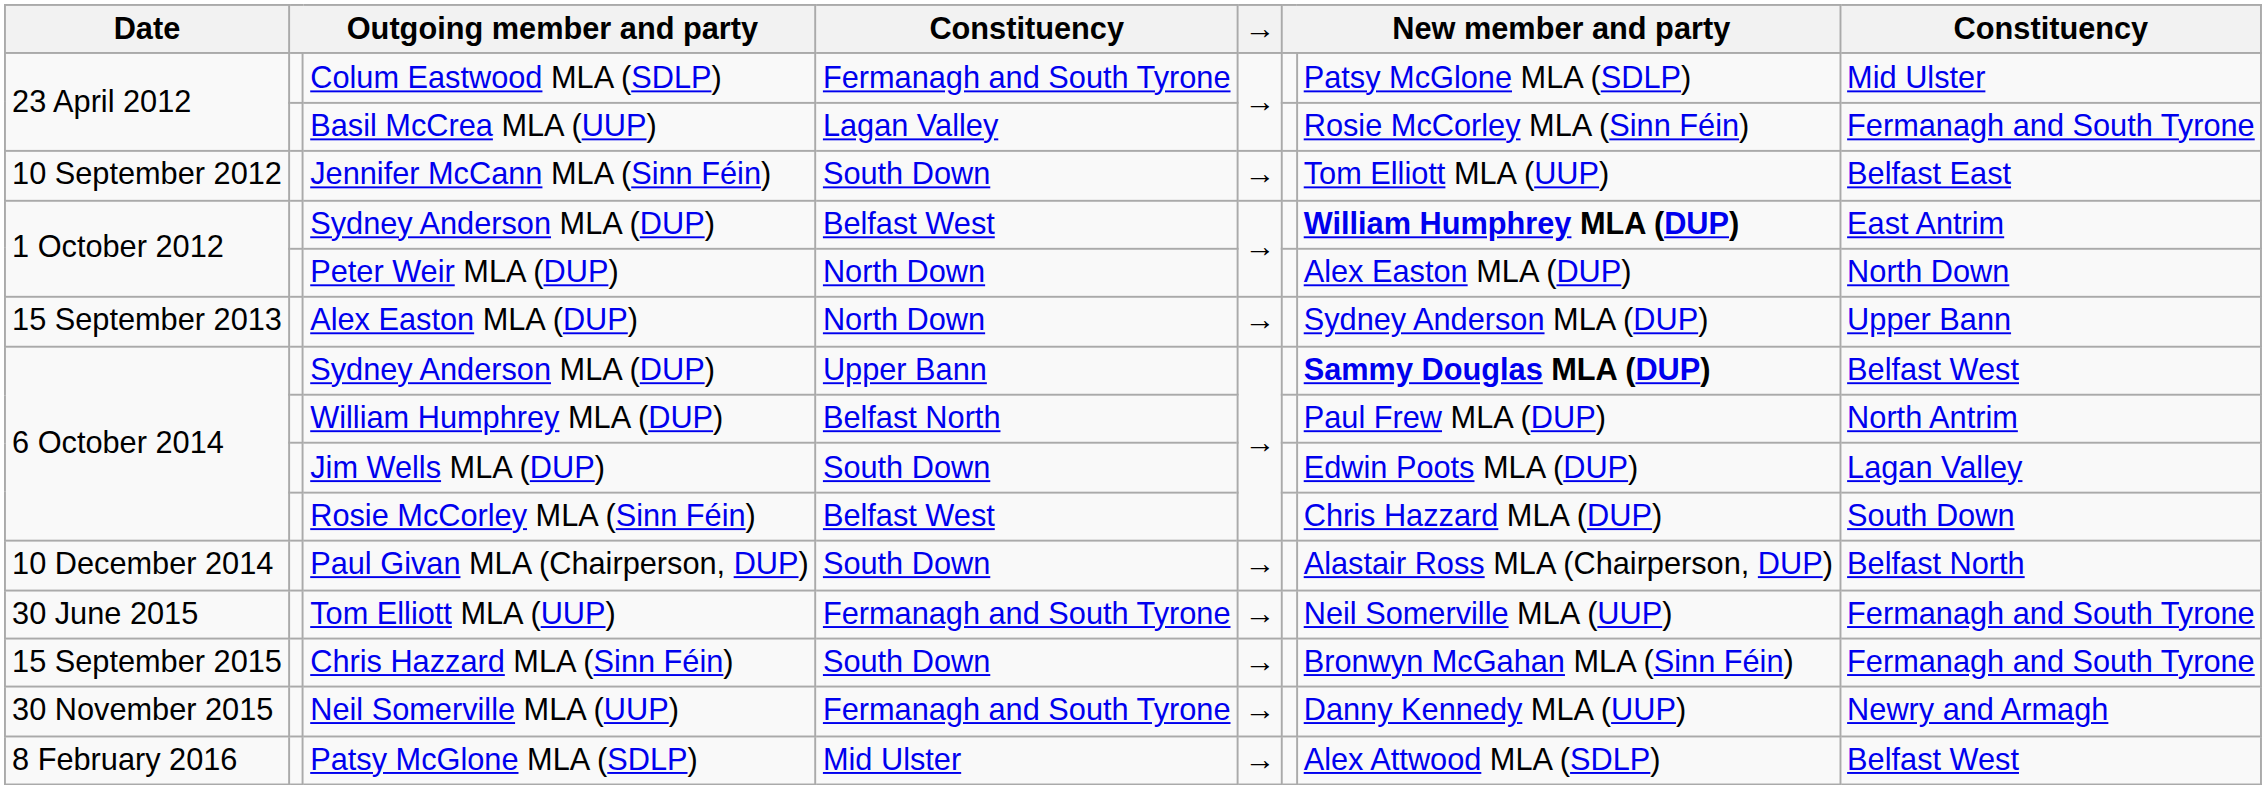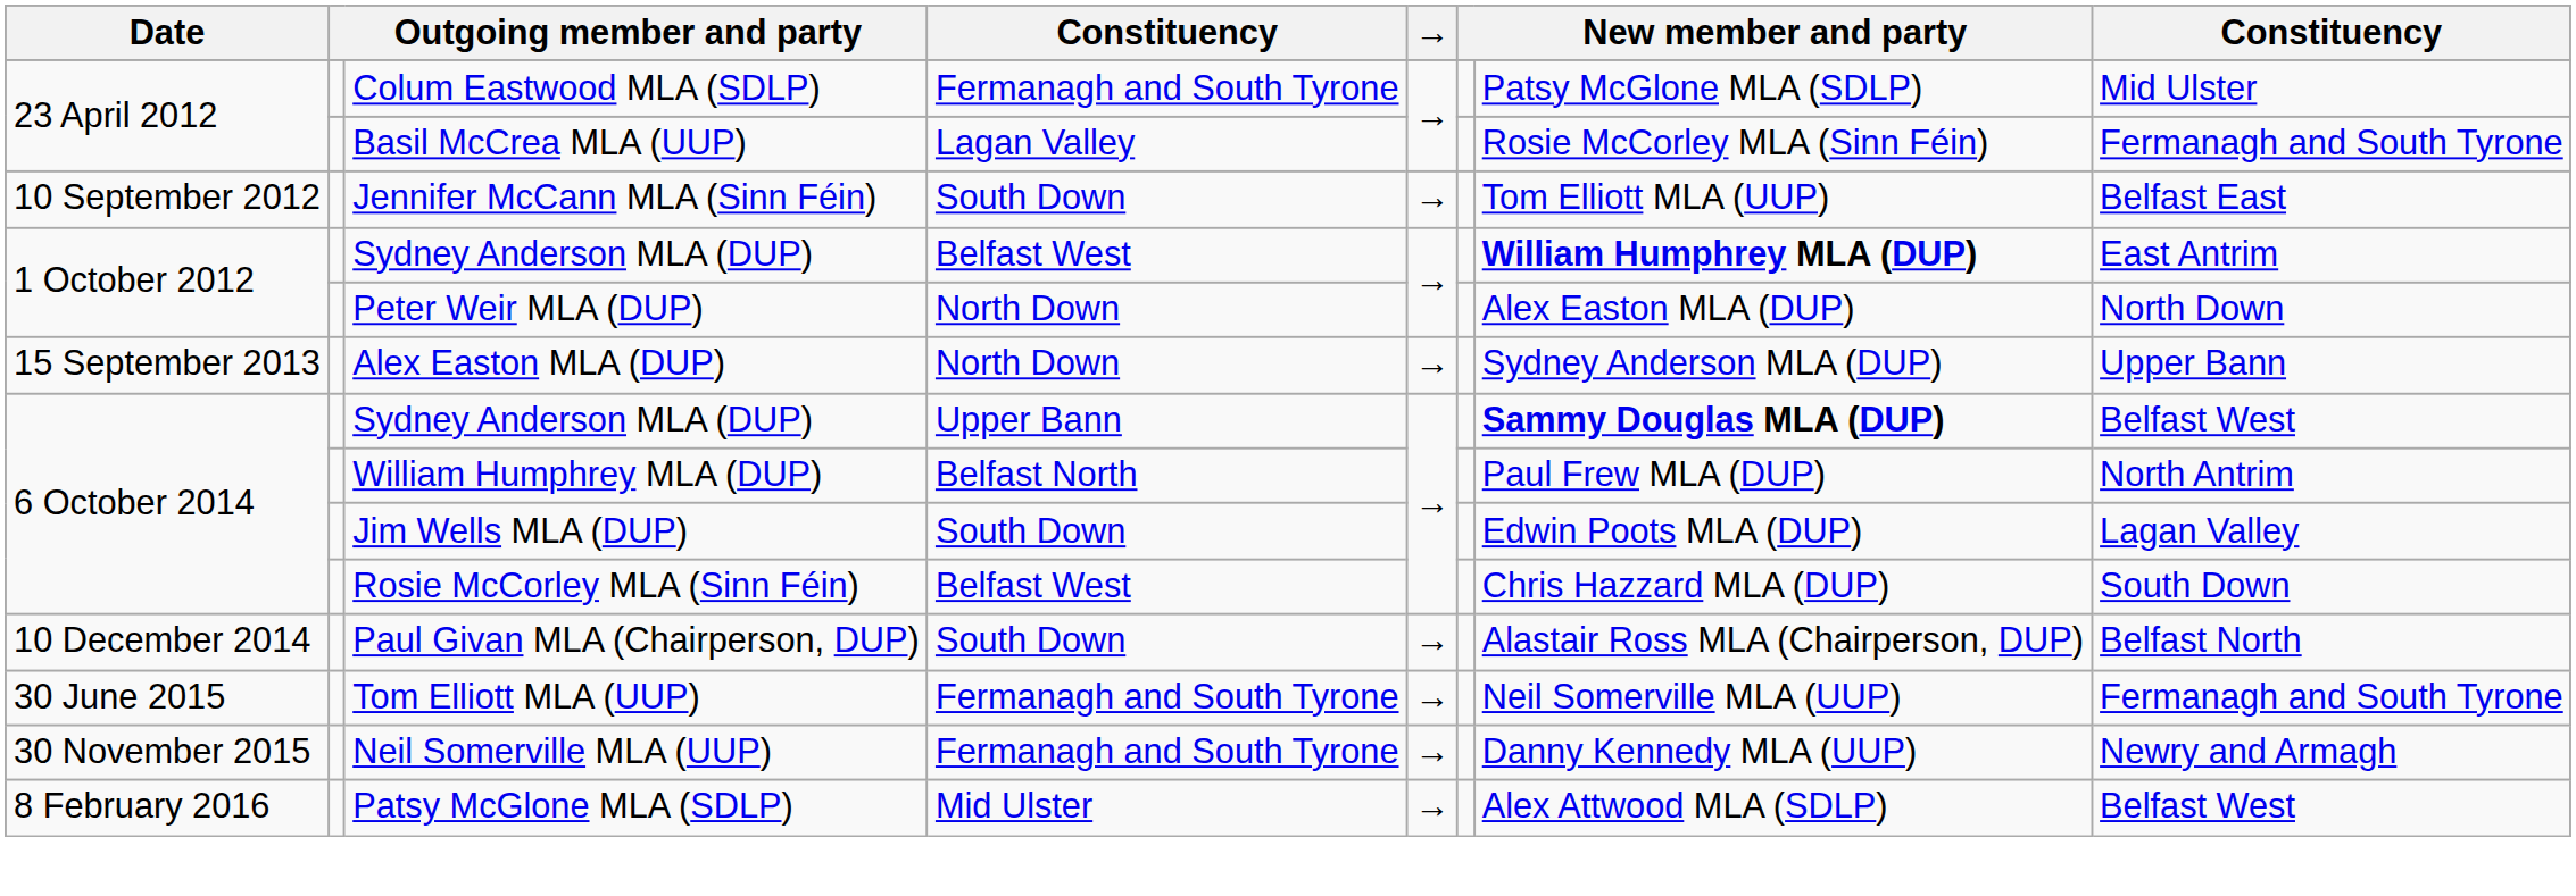 <table class="wikitable">
 <tr>
 <th valign="top">Date</th>
 <th colspan="2" valign="top">Outgoing member and party</th>
 <th valign="top">Constituency</th>
 <th>→</th>
 <th colspan="2" valign="top">New member and party</th>
 <th valign="top">Constituency</th>
 </tr>
 <tr>
 <td rowspan=2>23 April 2012</td>
 <td></td>
 <td><a href='#'>Colum Eastwood</a> MLA (<a href='#'>SDLP</a>)</td>
 <td><a href='#'>Fermanagh and South Tyrone</a></td>
 <td rowspan=2>→</td>
 <td></td>
 <td><a href='#'>Patsy McGlone</a> MLA (<a href='#'>SDLP</a>)</td>
 <td><a href='#'>Mid Ulster</a></td>
 </tr>
 <tr>
 <td></td>
 <td><a href='#'>Basil McCrea</a> MLA (<a href='#'>UUP</a>)</td>
 <td><a href='#'>Lagan Valley</a></td>
 <td></td>
 <td><a href='#'>Rosie McCorley</a> MLA (<a href='#'>Sinn Féin</a>)</td>
 <td><a href='#'>Fermanagh and South Tyrone</a></td>
 </tr>
 <tr>
 <td>10 September 2012</td>
 <td></td>
 <td><a href='#'>Jennifer McCann</a> MLA (<a href='#'>Sinn Féin</a>)</td>
 <td><a href='#'>South Down</a></td>
 <td>→</td>
 <td></td>
 <td><a href='#'>Tom Elliott</a> MLA (<a href='#'>UUP</a>)</td>
 <td><a href='#'>Belfast East</a></td>
 </tr>
 <tr>
 <td rowspan=2>1 October 2012</td>
 <td></td>
 <td><a href='#'>Sydney Anderson</a> MLA (<a href='#'>DUP</a>)</td>
 <td><a href='#'>Belfast West</a></td>
 <td rowspan=2>→</td>
 <td></td>
 <td><strong><a href='#'>William Humphrey</a> MLA (<a href='#'>DUP</a>)</strong></td>
 <td><a href='#'>East Antrim</a></td>
 </tr>
 <tr>
 <td></td>
 <td><a href='#'>Peter Weir</a> MLA (<a href='#'>DUP</a>)</td>
 <td><a href='#'>North Down</a></td>
 <td></td>
 <td><a href='#'>Alex Easton</a> MLA (<a href='#'>DUP</a>)</td>
 <td><a href='#'>North Down</a></td>
 </tr>
 <tr>
 <td>15 September 2013</td>
 <td></td>
 <td><a href='#'>Alex Easton</a> MLA (<a href='#'>DUP</a>)</td>
 <td><a href='#'>North Down</a></td>
 <td>→</td>
 <td></td>
 <td><a href='#'>Sydney Anderson</a> MLA (<a href='#'>DUP</a>)</td>
 <td><a href='#'>Upper Bann</a></td>
 </tr>
 <tr>
 <td rowspan=4>6 October 2014</td>
 <td></td>
 <td><a href='#'>Sydney Anderson</a> MLA (<a href='#'>DUP</a>)</td>
 <td><a href='#'>Upper Bann</a></td>
 <td rowspan=4>→</td>
 <td></td>
 <td><strong><a href='#'>Sammy Douglas</a> MLA (<a href='#'>DUP</a>)</strong></td>
 <td><a href='#'>Belfast West</a></td>
 </tr>
 <tr>
 <td></td>
 <td><a href='#'>William Humphrey</a> MLA (<a href='#'>DUP</a>)</td>
 <td><a href='#'>Belfast North</a></td>
 <td></td>
 <td><a href='#'>Paul Frew</a> MLA (<a href='#'>DUP</a>)</td>
 <td><a href='#'>North Antrim</a></td>
 </tr>
 <tr>
 <td></td>
 <td><a href='#'>Jim Wells</a> MLA (<a href='#'>DUP</a>)</td>
 <td><a href='#'>South Down</a></td>
 <td></td>
 <td><a href='#'>Edwin Poots</a> MLA (<a href='#'>DUP</a>)</td>
 <td><a href='#'>Lagan Valley</a></td>
 </tr>
 <tr>
 <td></td>
 <td><a href='#'>Rosie McCorley</a> MLA (<a href='#'>Sinn Féin</a>)</td>
 <td><a href='#'>Belfast West</a></td>
 <td></td>
 <td><a href='#'>Chris Hazzard</a> MLA (<a href='#'>DUP</a>)</td>
 <td><a href='#'>South Down</a></td>
 </tr>
 <tr>
 <td>10 December 2014</td>
 <td></td>
 <td><a href='#'>Paul Givan</a> MLA (Chairperson, <a href='#'>DUP</a>)</td>
 <td><a href='#'>South Down</a></td>
 <td>→</td>
 <td></td>
 <td><a href='#'>Alastair Ross</a> MLA (Chairperson, <a href='#'>DUP</a>)</td>
 <td><a href='#'>Belfast North</a></td>
 </tr>
 <tr>
 <td>30 June 2015</td>
 <td></td>
 <td><a href='#'>Tom Elliott</a> MLA (<a href='#'>UUP</a>)</td>
 <td><a href='#'>Fermanagh and South Tyrone</a></td>
 <td>→</td>
 <td></td>
 <td><a href='#'>Neil Somerville</a> MLA (<a href='#'>UUP</a>)</td>
 <td><a href='#'>Fermanagh and South Tyrone</a></td>
 </tr>
 <tr>
-<td>15 September 2015</td>
-<td></td>
-<td><a href='#'>Chris Hazzard</a> MLA (<a href='#'>Sinn Féin</a>)</td>
-<td><a href='#'>South Down</a></td>
-<td>→</td>
-<td></td>
-<td><a href='#'>Bronwyn McGahan</a> MLA (<a href='#'>Sinn Féin</a>)</td>
-<td><a href='#'>Fermanagh and South Tyrone</a></td>
-</tr>
-<tr>
 <td>30 November 2015</td>
 <td></td>
 <td><a href='#'>Neil Somerville</a> MLA (<a href='#'>UUP</a>)</td>
 <td><a href='#'>Fermanagh and South Tyrone</a></td>
 <td>→</td>
 <td></td>
 <td><a href='#'>Danny Kennedy</a> MLA (<a href='#'>UUP</a>)</td>
 <td><a href='#'>Newry and Armagh</a></td>
 </tr>
 <tr>
 <td>8 February 2016</td>
 <td></td>
 <td><a href='#'>Patsy McGlone</a> MLA (<a href='#'>SDLP</a>)</td>
 <td><a href='#'>Mid Ulster</a></td>
 <td>→</td>
 <td></td>
 <td><a href='#'>Alex Attwood</a> MLA (<a href='#'>SDLP</a>)</td>
 <td><a href='#'>Belfast West</a></td>
 </tr>
 </table>
